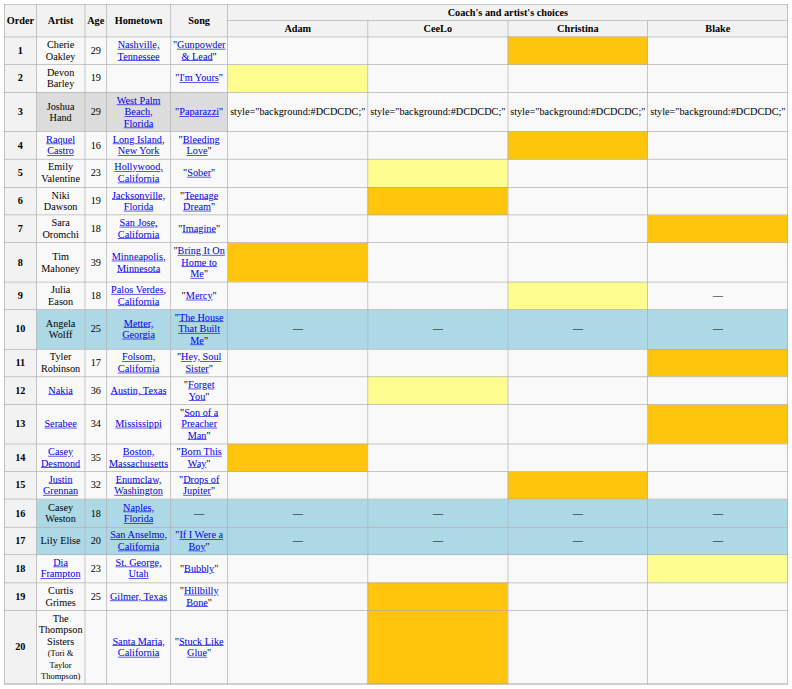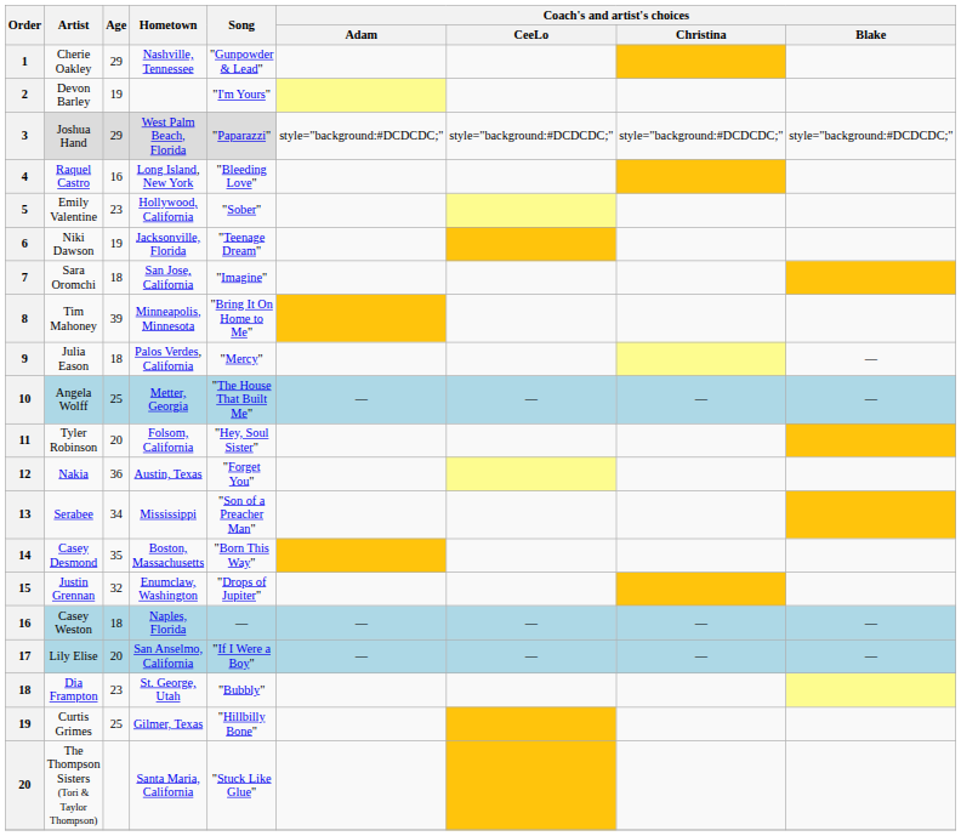 <table class="wikitable" style="text-align:center; width:100%;">
 <tr>
 <th rowspan="2" width="05%" scope="col">Order</th>
 <th rowspan="2" width="20%" scope="col">Artist</th>
 <th rowspan="2" width="05%" scope="col">Age</th>
 <th rowspan="2" width="18%" scope="col">Hometown</th>
 <th rowspan="2" width="20%" scope="col">Song</th>
 <th colspan="4" width="40%" scope="col">Coach's and artist's choices</th>
 </tr>
 <tr>
 <th width="08%" scope="col">Adam</th>
 <th width="08%" scope="col">CeeLo</th>
 <th width="08%" scope="col">Christina</th>
 <th width="08%" scope="col">Blake</th>
 </tr>
 <tr>
 <th>1</th>
 <td>Cherie Oakley</td>
 <td>29</td>
 <td><a href='#'>Nashville, Tennessee</a></td>
 <td>"<a href='#'>Gunpowder & Lead</a>"</td>
 <td></td>
 <td></td>
 <td style="background:#FFC40C;"><strong></strong></td>
 <td></td>
 </tr>
 <tr>
 <th>2</th>
 <td>Devon Barley</td>
 <td>19</td>
 <td></td>
 <td>"<a href='#'>I'm Yours</a>"</td>
 <td style="background:#fdfc8f;"><strong></strong></td>
 <td><strong></strong></td>
 <td></td>
 <td></td>
 </tr>
 <tr>
 <th>3</th>
 <td style="background:#DCDCDC;">Joshua Hand</td>
 <td style="background:#DCDCDC;">29</td>
 <td style="background:#DCDCDC;"><a href='#'>West Palm Beach, Florida</a></td>
 <td style="background:#DCDCDC;">"<a href='#'>Paparazzi</a>"</td>
 <td>style="background:#DCDCDC;" </td>
 <td>style="background:#DCDCDC;" </td>
 <td>style="background:#DCDCDC;" </td>
 <td>style="background:#DCDCDC;" </td>
 </tr>
 <tr>
 <th>4</th>
 <td><a href='#'>Raquel Castro</a></td>
 <td>16</td>
 <td><a href='#'>Long Island</a>, <a href='#'>New York</a></td>
 <td>"<a href='#'>Bleeding Love</a>"</td>
 <td></td>
 <td></td>
 <td style="background:#FFC40C;"><strong></strong></td>
 <td></td>
 </tr>
 <tr>
 <th>5</th>
 <td>Emily Valentine</td>
 <td>23</td>
 <td><a href='#'>Hollywood, California</a></td>
 <td>"<a href='#'>Sober</a>"</td>
 <td></td>
 <td style="background:#fdfc8f;"><strong></strong></td>
 <td></td>
 <td><strong></strong></td>
 </tr>
 <tr>
 <th>6</th>
 <td>Niki Dawson</td>
 <td>19</td>
 <td><a href='#'>Jacksonville, Florida</a></td>
 <td>"<a href='#'>Teenage Dream</a>"</td>
 <td></td>
 <td style="background:#FFC40C;"><strong></strong></td>
 <td></td>
 <td></td>
 </tr>
 <tr>
 <th>7</th>
 <td>Sara Oromchi</td>
 <td>18</td>
 <td><a href='#'>San Jose, California</a></td>
 <td>"<a href='#'>Imagine</a>"</td>
 <td></td>
 <td></td>
 <td></td>
 <td style="background:#FFC40C;"><strong></strong></td>
 </tr>
 <tr>
 <th>8</th>
 <td>Tim Mahoney</td>
 <td>39</td>
 <td><a href='#'>Minneapolis, Minnesota</a></td>
 <td>"<a href='#'>Bring It On Home to Me</a>"</td>
 <td style="background:#FFC40C;"><strong></strong></td>
 <td></td>
 <td></td>
 <td></td>
 </tr>
 <tr>
 <th>9</th>
 <td>Julia Eason</td>
 <td>18</td>
 <td><a href='#'>Palos Verdes</a>, <a href='#'>California</a></td>
 <td>"<a href='#'>Mercy</a>"</td>
 <td></td>
 <td><strong></strong></td>
 <td style="background:#fdfc8f;"><strong></strong></td>
 <td>—</td>
 </tr>
 <tr>
 <th>10</th>
 <td style="background:lightblue;">Angela Wolff</td>
 <td style="background:lightblue;">25</td>
 <td style="background:lightblue;"><a href='#'>Metter, Georgia</a></td>
 <td style="background:lightblue;">"<a href='#'>The House That Built Me</a>"</td>
 <td style="background:lightblue;">—</td>
 <td style="background:lightblue;">—</td>
 <td style="background:lightblue;">—</td>
 <td style="background:lightblue;">—</td>
 </tr>
 <tr>
 <th>11</th>
 <td>Tyler Robinson</td>
-<td>17</td>
+<td>20</td>
 <td><a href='#'>Folsom, California</a></td>
 <td>"<a href='#'>Hey, Soul Sister</a>"</td>
 <td></td>
 <td></td>
 <td></td>
 <td style="background:#FFC40C;"><strong></strong></td>
 </tr>
 <tr>
 <th>12</th>
 <td><a href='#'>Nakia</a></td>
 <td>36</td>
 <td><a href='#'>Austin, Texas</a></td>
 <td>"<a href='#'>Forget You</a>"</td>
 <td></td>
 <td style="background:#fdfc8f;"><strong></strong></td>
 <td></td>
 <td><strong></strong></td>
 </tr>
 <tr>
 <th>13</th>
 <td><a href='#'>Serabee</a></td>
 <td>34</td>
 <td><a href='#'>Mississippi</a></td>
 <td>"<a href='#'>Son of a Preacher Man</a>"</td>
 <td></td>
 <td></td>
 <td></td>
 <td style="background:#FFC40C;"><strong></strong></td>
 </tr>
 <tr>
 <th>14</th>
 <td><a href='#'>Casey Desmond</a></td>
 <td>35</td>
 <td><a href='#'>Boston, Massachusetts</a></td>
 <td>"<a href='#'>Born This Way</a>"</td>
 <td style="background:#FFC40C;"><strong></strong></td>
 <td></td>
 <td></td>
 <td></td>
 </tr>
 <tr>
 <th>15</th>
 <td><a href='#'>Justin Grennan</a></td>
 <td>32</td>
 <td><a href='#'>Enumclaw, Washington</a></td>
 <td>"<a href='#'>Drops of Jupiter</a>"</td>
 <td></td>
 <td></td>
 <td style="background:#FFC40C;"><strong></strong></td>
 <td></td>
 </tr>
 <tr>
 <th>16</th>
 <td style="background:lightblue;">Casey Weston</td>
 <td style="background:lightblue;">18</td>
 <td style="background:lightblue;"><a href='#'>Naples, Florida</a></td>
 <td style="background:lightblue;">—</td>
 <td style="background:lightblue;">—</td>
 <td style="background:lightblue;">—</td>
 <td style="background:lightblue;">—</td>
 <td style="background:lightblue;">—</td>
 </tr>
 <tr>
 <th>17</th>
 <td style="background:lightblue;">Lily Elise</td>
 <td style="background:lightblue;">20</td>
 <td style="background:lightblue;"><a href='#'>San Anselmo, California</a></td>
 <td style="background:lightblue;">"<a href='#'>If I Were a Boy</a>"</td>
 <td style="background:lightblue;">—</td>
 <td style="background:lightblue;">—</td>
 <td style="background:lightblue;">—</td>
 <td style="background:lightblue;">—</td>
 </tr>
 <tr>
 <th>18</th>
 <td><a href='#'>Dia Frampton</a></td>
 <td>23</td>
 <td><a href='#'>St. George, Utah</a></td>
 <td>"<a href='#'>Bubbly</a>"</td>
 <td></td>
 <td><strong></strong></td>
 <td></td>
 <td style="background:#fdfc8f;"><strong></strong></td>
 </tr>
 <tr>
 <th>19</th>
 <td>Curtis Grimes</td>
 <td>25</td>
 <td><a href='#'>Gilmer, Texas</a></td>
 <td>"<a href='#'>Hillbilly Bone</a>"</td>
 <td></td>
 <td style="background:#FFC40C;"><strong></strong></td>
 <td></td>
 <td></td>
 </tr>
 <tr>
 <th>20</th>
 <td>The Thompson Sisters<br><small>(Tori & Taylor Thompson)</small></td>
 <td></td>
 <td><a href='#'>Santa Maria, California</a></td>
 <td>"<a href='#'>Stuck Like Glue</a>"</td>
 <td></td>
 <td style="background:#FFC40C;"><strong></strong></td>
 <td></td>
 <td></td>
 </tr>
 <tr>
 </tr>
 </table>
